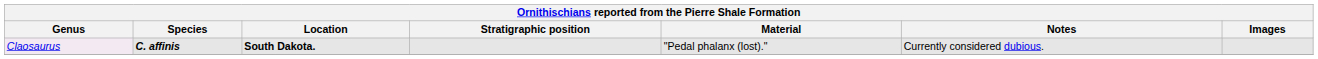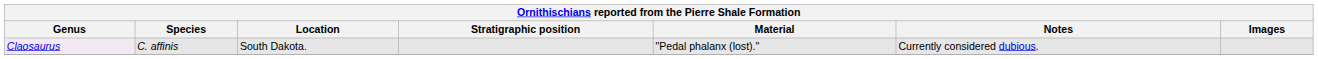 <table class="wikitable" align="center" width="100%">
 <tr>
 <th colspan="7" align="center"><strong><a href='#'>Ornithischians</a> reported from the Pierre Shale Formation</strong></th>
 </tr>
 <tr>
 <th>Genus</th>
 <th>Species</th>
 <th>Location</th>
 <th><strong>Stratigraphic position</strong></th>
 <th><strong>Material</strong></th>
 <th>Notes</th>
 <th>Images</th>
 </tr>
 <tr>
 <td style="background:#f3e9f3;"><em><a href='#'>Claosaurus</a></em></td>
-<td style="background:#E6E6E6;"><strong><em>C. affinis</em></strong></td>
-<td style="background:#E6E6E6;"><strong>South Dakota.</strong></td>
+<td style="background:#E6E6E6;"><em>C. affinis</em></td>
+<td style="background:#E6E6E6;">South Dakota.</td>
 <td style="background:#E6E6E6;"></td>
 <td style="background:#E6E6E6;">"Pedal phalanx (lost)."</td>
 <td style="background:#E6E6E6;">Currently considered <a href='#'>dubious</a>.</td>
 <td style="background:#E6E6E6;"></td>
 </tr>
 <tr>
 </tr>
 </table>
